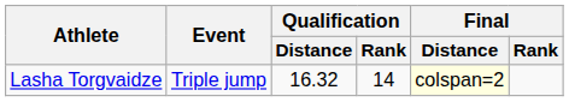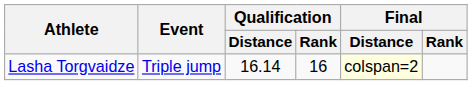 <table class="wikitable" style="font-size:90%">
 <tr>
 <th rowspan=2>Athlete</th>
 <th rowspan=2>Event</th>
 <th colspan=2>Qualification</th>
 <th colspan=2>Final</th>
 </tr>
 <tr style="font-size:95%">
 <th>Distance</th>
 <th>Rank</th>
 <th>Distance</th>
 <th>Rank</th>
 </tr>
 <tr align="center">
 <td align=left><a href='#'>Lasha Torgvaidze</a></td>
 <td style="text-align:left;"><a href='#'>Triple jump</a></td>
-<td>16.32</td>
-<td>14</td>
+<td>16.14</td>
+<td>16</td>
 <td style="background: lightyellow;">colspan=2 </td>
 </tr>
 </table>
